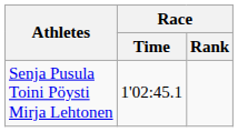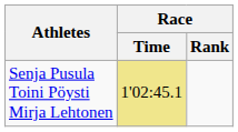 <table class="wikitable" border="1" style="font-size:90%">
 <tr>
 <th rowspan=2>Athletes</th>
 <th colspan=2>Race</th>
 </tr>
 <tr>
 <th>Time</th>
 <th>Rank</th>
 </tr>
 <tr>
 <td><a href='#'>Senja Pusula</a><br><a href='#'>Toini Pöysti</a><br><a href='#'>Mirja Lehtonen</a></td>
-<td align=center>1'02:45.1</td>
+<td align=center style="background: khaki;">1'02:45.1</td>
 <td align=center></td>
 </tr>
 </table>
